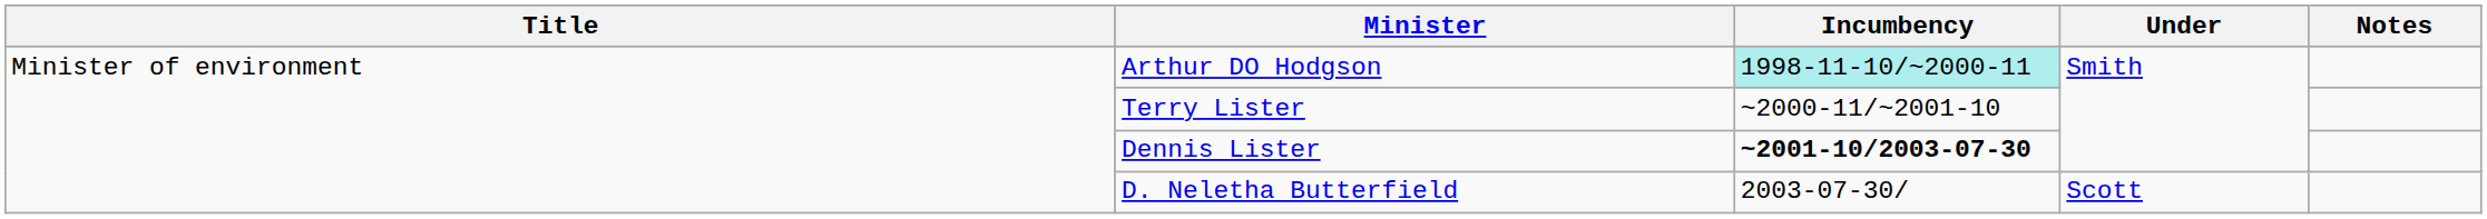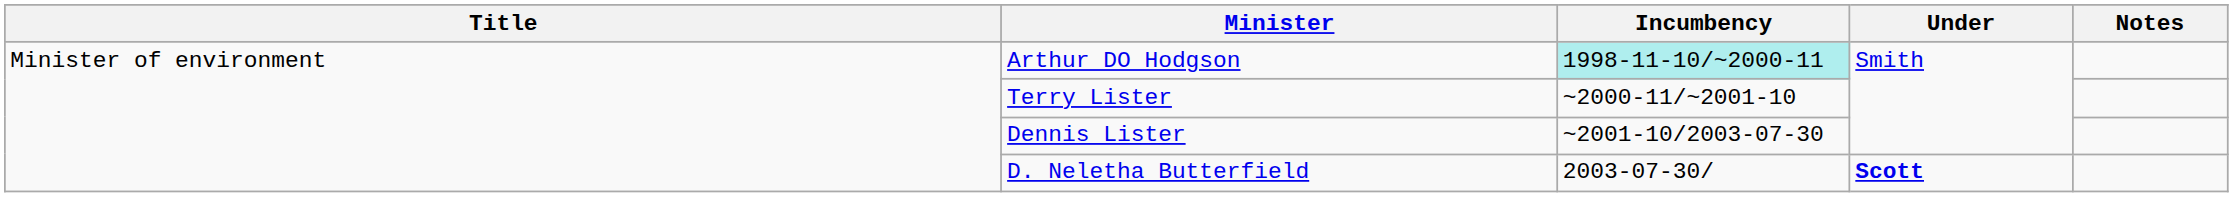 <table class="wikitable" style="width:100%;">
 <tr>
 <th>Title</th>
 <th style="width:25%;"><a href='#'>Minister</a></th>
 <th style="width:160px;">Incumbency</th>
 <th style="width:10%;">Under</th>
 <th style="width:7%;">Notes</th>
 </tr>
 <tr>
 <td rowspan="4" style="vertical-align:top;">Minister of environment</td>
 <td><a href='#'>Arthur DO Hodgson</a></td>
 <td style="background: paleturquoise;">1998-11-10/~2000-11</td>
 <td rowspan="3" style="vertical-align:top;"><a href='#'>Smith</a></td>
 <td></td>
 </tr>
 <tr>
 <td><a href='#'>Terry Lister</a></td>
 <td>~2000-11/~2001-10</td>
 <td></td>
 </tr>
 <tr>
 <td><a href='#'>Dennis Lister</a></td>
-<td><strong>~2001-10/2003-07-30</strong></td>
+<td>~2001-10/2003-07-30</td>
 <td></td>
 </tr>
 <tr>
 <td><a href='#'>D. Neletha Butterfield</a></td>
 <td>2003-07-30/</td>
-<td><a href='#'>Scott</a></td>
+<td><strong><a href='#'>Scott</a></strong></td>
 <td></td>
 </tr>
 </table>
